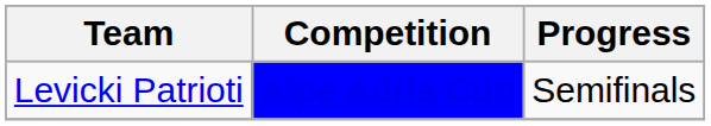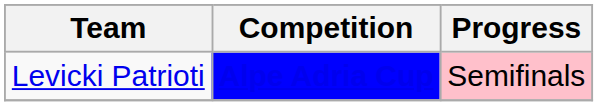 <table class="wikitable sortable">
 <tr>
 <th>Team</th>
 <th>Competition</th>
 <th>Progress</th>
 </tr>
 <tr>
 <td><a href='#'>Levicki Patrioti</a></td>
 <td align="center" style="background:blue;"><a href='#'><span><strong>Alpe Adria Cup</strong></span></a></td>
-<td>Semifinals</td>
+<td style="background: pink;">Semifinals</td>
 </tr>
 <tr>
 </tr>
 </table>
